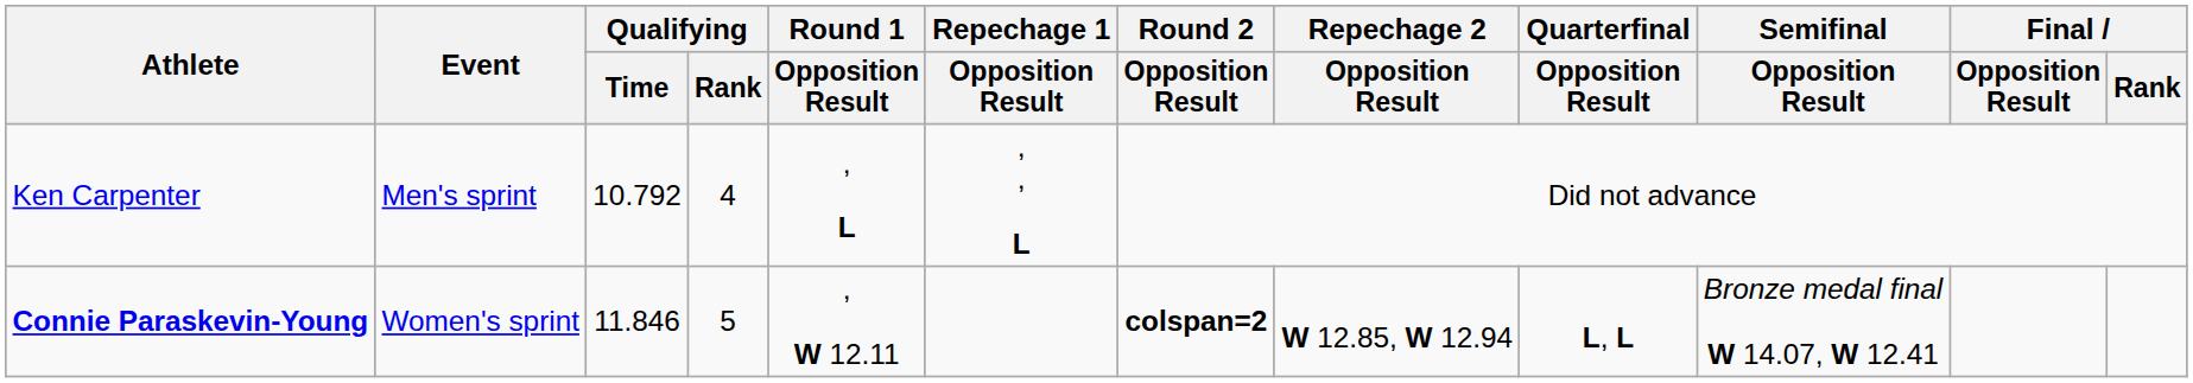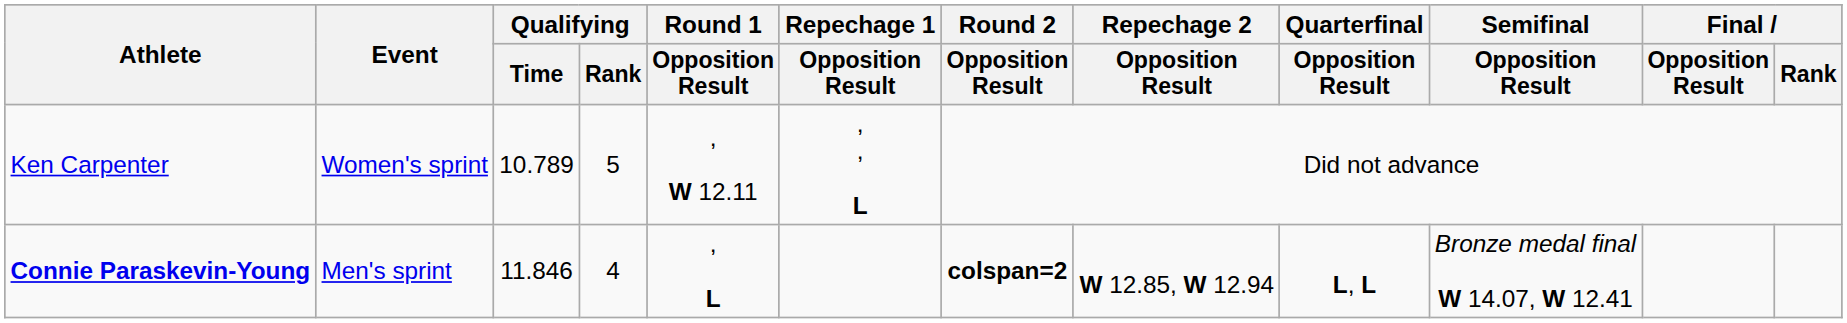 <table class=wikitable style=font-size:90%;text-align:center>
 <tr>
 <th rowspan=2>Athlete</th>
 <th rowspan=2>Event</th>
 <th colspan=2>Qualifying</th>
 <th>Round 1</th>
 <th>Repechage 1</th>
 <th>Round 2</th>
 <th>Repechage 2</th>
 <th>Quarterfinal</th>
 <th>Semifinal</th>
 <th colspan=2>Final / </th>
 </tr>
 <tr style=font-size:95%>
 <th>Time</th>
 <th>Rank</th>
 <th>Opposition<br>Result</th>
 <th>Opposition<br>Result</th>
 <th>Opposition<br>Result</th>
 <th>Opposition<br>Result</th>
 <th>Opposition<br>Result</th>
 <th>Opposition<br>Result</th>
 <th>Opposition<br>Result</th>
 <th>Rank</th>
 </tr>
 <tr>
 <td align=left><a href='#'>Ken Carpenter</a></td>
-<td align=left><a href='#'>Men's sprint</a></td>
-<td>10.792</td>
-<td>4</td>
-<td>,<br><br><strong>L</strong></td>
+<td align=left><a href='#'>Women's sprint</a></td>
+<td>10.789</td>
+<td>5</td>
+<td>,<br><br><strong>W</strong> 12.11</td>
 <td>,<br>,<br><br><strong>L</strong></td>
 <td colspan=6>Did not advance</td>
 </tr>
 <tr>
 <td align=left><strong><a href='#'>Connie Paraskevin-Young</a></strong></td>
-<td align=left><a href='#'>Women's sprint</a></td>
+<td align=left><a href='#'>Men's sprint</a></td>
 <td>11.846</td>
-<td>5</td>
-<td>,<br><br><strong>W</strong> 12.11</td>
+<td>4</td>
+<td>,<br><br><strong>L</strong></td>
 <td></td>
 <td><strong>colspan=2 </strong></td>
 <td><br><strong>W</strong> 12.85, <strong>W</strong> 12.94</td>
 <td><br><strong>L</strong>, <strong>L</strong></td>
 <td><em>Bronze medal final</em><br><br><strong>W</strong> 14.07, <strong>W</strong> 12.41</td>
 <td></td>
 </tr>
 </table>
